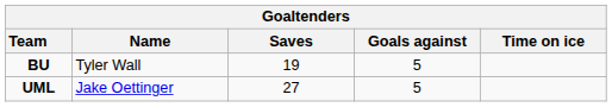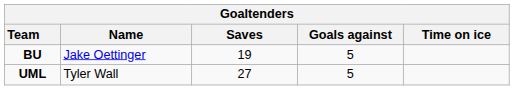 <table class="wikitable" style="width:40em; text-align:right;">
 <tr>
 <th colspan=5>Goaltenders</th>
 </tr>
 <tr>
 <th style="width:4em; text-align:left;">Team</th>
 <th style="width:10em;">Name</th>
 <th style="width:8em;">Saves</th>
 <th style="width:8em;">Goals against</th>
 <th style="width:8em;">Time on ice</th>
 </tr>
 <tr>
 <td align=center><strong>BU</strong></td>
-<td style="text-align:left;">Tyler Wall</td>
+<td style="text-align:left;"><a href='#'>Jake Oettinger</a></td>
 <td align=center>19</td>
 <td align=center>5</td>
 <td align=center></td>
 </tr>
 <tr>
 <td align=center><strong>UML</strong></td>
-<td style="text-align:left;"><a href='#'>Jake Oettinger</a></td>
+<td style="text-align:left;">Tyler Wall</td>
 <td align=center>27</td>
 <td align=center>5</td>
 <td align=center></td>
 </tr>
 </table>
